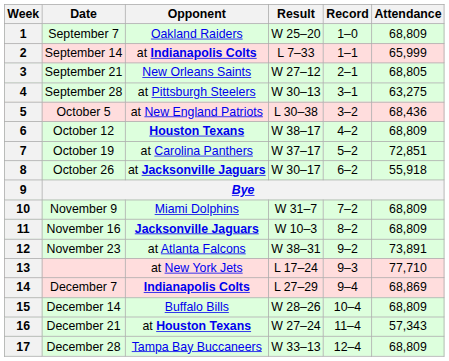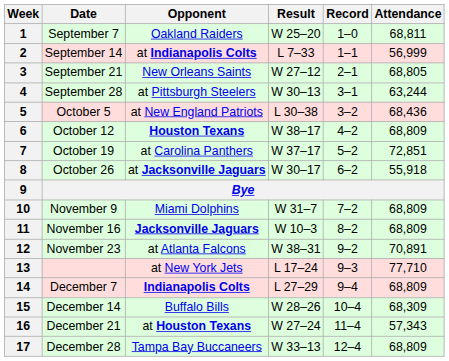 <table class="wikitable" style="text-align:center">
 <tr>
 <th>Week</th>
 <th>Date</th>
 <th>Opponent</th>
 <th>Result</th>
 <th>Record</th>
 <th>Attendance</th>
 </tr>
 <tr style="background:#dfd;">
 <th>1</th>
 <td>September 7</td>
 <td><a href='#'>Oakland Raiders</a></td>
 <td>W 25–20</td>
 <td>1–0</td>
-<td>68,809</td>
+<td>68,811</td>
 </tr>
 <tr style="background:#fdd;">
 <th>2</th>
 <td>September 14</td>
 <td>at <strong><a href='#'>Indianapolis Colts</a></strong></td>
 <td>L 7–33</td>
 <td>1–1</td>
-<td>65,999</td>
+<td>56,999</td>
 </tr>
 <tr style="background:#dfd;">
 <th>3</th>
 <td>September 21</td>
 <td><a href='#'>New Orleans Saints</a></td>
 <td>W 27–12</td>
 <td>2–1</td>
 <td>68,805</td>
 </tr>
 <tr style="background:#dfd;">
 <th>4</th>
 <td>September 28</td>
 <td>at <a href='#'>Pittsburgh Steelers</a></td>
 <td>W 30–13</td>
 <td>3–1</td>
-<td>63,275</td>
+<td>63,244</td>
 </tr>
 <tr style="background:#fdd;">
 <th>5</th>
 <td>October 5</td>
 <td>at <a href='#'>New England Patriots</a></td>
 <td>L 30–38</td>
 <td>3–2</td>
 <td>68,436</td>
 </tr>
 <tr style="background:#dfd;">
 <th>6</th>
 <td>October 12</td>
 <td><strong><a href='#'>Houston Texans</a></strong></td>
 <td>W 38–17</td>
 <td>4–2</td>
 <td>68,809</td>
 </tr>
 <tr style="background:#dfd;">
 <th>7</th>
 <td>October 19</td>
 <td>at <a href='#'>Carolina Panthers</a></td>
 <td>W 37–17</td>
 <td>5–2</td>
 <td>72,851</td>
 </tr>
 <tr style="background:#dfd;">
 <th>8</th>
 <td>October 26</td>
 <td>at <strong><a href='#'>Jacksonville Jaguars</a></strong></td>
 <td>W 30–17</td>
 <td>6–2</td>
 <td>55,918</td>
 </tr>
 <tr>
 <th>9</th>
 <th colspan="5" style="text-align:center;"><em><a href='#'>Bye</a></em></th>
 </tr>
 <tr style="background:#dfd;">
 <th>10</th>
 <td>November 9</td>
 <td><a href='#'>Miami Dolphins</a></td>
 <td>W 31–7</td>
 <td>7–2</td>
 <td>68,809</td>
 </tr>
 <tr style="background:#dfd;">
 <th>11</th>
 <td>November 16</td>
 <td><strong><a href='#'>Jacksonville Jaguars</a></strong></td>
 <td>W 10–3</td>
 <td>8–2</td>
 <td>68,809</td>
 </tr>
 <tr style="background:#dfd;">
 <th>12</th>
 <td>November 23</td>
 <td>at <a href='#'>Atlanta Falcons</a></td>
 <td>W 38–31</td>
 <td>9–2</td>
-<td>73,891</td>
+<td>70,891</td>
 </tr>
 <tr style="background:#fdd;">
 <th>13</th>
 <td></td>
 <td>at <a href='#'>New York Jets</a></td>
 <td>L 17–24</td>
 <td>9–3</td>
 <td>77,710</td>
 </tr>
 <tr style="background:#fdd;">
 <th>14</th>
 <td>December 7</td>
 <td><strong><a href='#'>Indianapolis Colts</a> </strong></td>
 <td>L 27–29</td>
 <td>9–4</td>
-<td>68,869</td>
+<td>68,809</td>
 </tr>
 <tr style="background:#dfd;">
 <th>15</th>
 <td>December 14</td>
 <td><a href='#'>Buffalo Bills</a></td>
 <td>W 28–26</td>
 <td>10–4</td>
-<td>68,809</td>
+<td>68,309</td>
 </tr>
 <tr style="background:#dfd;">
 <th>16</th>
 <td>December 21</td>
 <td>at <strong><a href='#'>Houston Texans</a></strong></td>
 <td>W 27–24</td>
 <td>11–4</td>
 <td>57,343</td>
 </tr>
 <tr style="background:#dfd;">
 <th>17</th>
 <td>December 28</td>
 <td><a href='#'>Tampa Bay Buccaneers</a></td>
 <td>W 33–13</td>
 <td>12–4</td>
 <td>68,809</td>
 </tr>
 </table>
